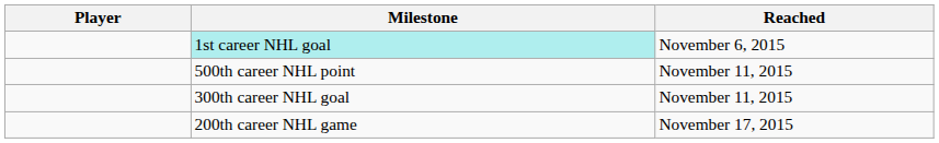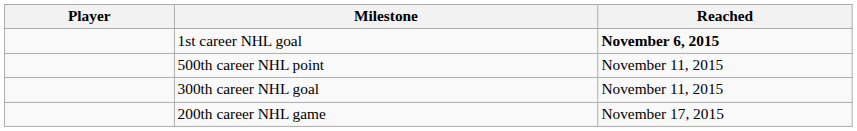 <table class="wikitable sortable" style="width:100%;">
 <tr align=center>
 <th style="width:20%;">Player</th>
 <th style="width:50%;">Milestone</th>
 <th style="width:30%;" data-sort-type="date">Reached</th>
 </tr>
 <tr>
 <td></td>
-<td style="background: paleturquoise;">1st career NHL goal</td>
-<td>November 6, 2015</td>
+<td>1st career NHL goal</td>
+<td><strong>November 6, 2015</strong></td>
 </tr>
 <tr>
 <td></td>
 <td>500th career NHL point</td>
 <td>November 11, 2015</td>
 </tr>
 <tr>
 <td></td>
 <td>300th career NHL goal</td>
 <td>November 11, 2015</td>
 </tr>
 <tr>
 <td></td>
 <td>200th career NHL game</td>
 <td>November 17, 2015</td>
 </tr>
 </table>
